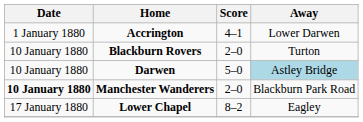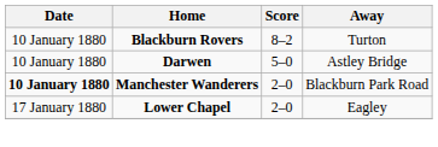 <table class="wikitable" style="text-align: center">
 <tr>
 <th>Date</th>
 <th>Home</th>
 <th>Score</th>
 <th>Away</th>
 </tr>
 <tr>
-<td>1 January 1880</td>
-<td><strong>Accrington</strong></td>
-<td>4–1</td>
-<td>Lower Darwen</td>
-</tr>
-<tr>
 <td>10 January 1880</td>
 <td><strong>Blackburn Rovers</strong></td>
-<td>2–0</td>
+<td>8–2</td>
 <td>Turton</td>
 </tr>
 <tr>
 <td>10 January 1880</td>
 <td><strong>Darwen</strong></td>
 <td>5–0</td>
-<td style="background: lightblue;">Astley Bridge</td>
+<td>Astley Bridge</td>
 </tr>
 <tr>
 <td><strong>10 January 1880</strong></td>
 <td><strong>Manchester Wanderers</strong></td>
 <td>2–0</td>
 <td>Blackburn Park Road</td>
 </tr>
 <tr>
 <td>17 January 1880</td>
 <td><strong>Lower Chapel</strong></td>
-<td>8–2</td>
+<td>2–0</td>
 <td>Eagley</td>
 </tr>
 <tr>
 </tr>
 </table>
